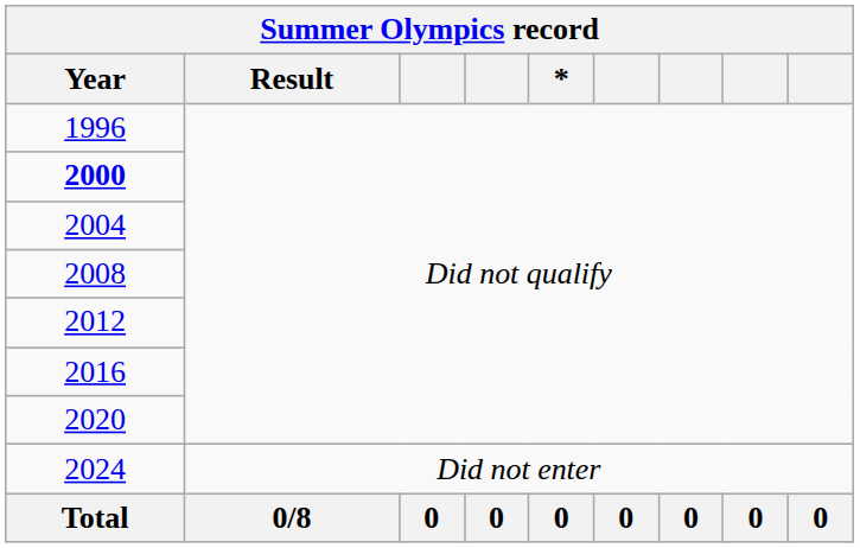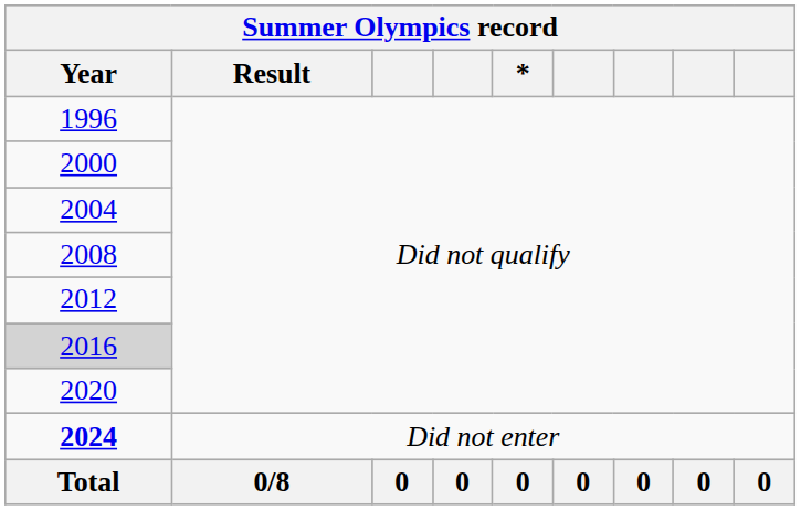 <table class="wikitable" style="text-align: center; width:50%;">
 <tr>
 <th colspan=10><a href='#'>Summer Olympics</a> record</th>
 </tr>
 <tr>
 <th>Year</th>
 <th>Result</th>
 <th></th>
 <th></th>
 <th>*</th>
 <th></th>
 <th></th>
 <th></th>
 <th></th>
 </tr>
 <tr>
 <td> <a href='#'>1996</a></td>
 <td colspan=8 rowspan=7><em>Did not qualify</em></td>
 </tr>
 <tr>
-<td><strong> <a href='#'>2000</a></strong></td>
+<td> <a href='#'>2000</a></td>
 </tr>
 <tr>
 <td> <a href='#'>2004</a></td>
 </tr>
 <tr>
 <td> <a href='#'>2008</a></td>
 </tr>
 <tr>
 <td> <a href='#'>2012</a></td>
 </tr>
 <tr>
-<td> <a href='#'>2016</a></td>
+<td style="background: lightgrey;"> <a href='#'>2016</a></td>
 </tr>
 <tr>
 <td> <a href='#'>2020</a></td>
 </tr>
 <tr>
-<td> <a href='#'>2024</a></td>
+<td><strong> <a href='#'>2024</a></strong></td>
 <td colspan=8><em>Did not enter</em></td>
 </tr>
 <tr>
 <th>Total</th>
 <th>0/8</th>
 <th>0</th>
 <th>0</th>
 <th>0</th>
 <th>0</th>
 <th>0</th>
 <th>0</th>
 <th>0</th>
 </tr>
 </table>
